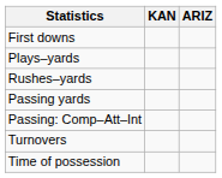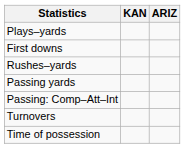 <table class="wikitable" style="float:left">
 <tr>
 <th>Statistics</th>
 <th>KAN</th>
 <th>ARIZ</th>
 </tr>
 <tr>
-<td>First downs</td>
+<td>Plays–yards</td>
 <td></td>
 <td></td>
 </tr>
 <tr>
-<td>Plays–yards</td>
+<td>First downs</td>
 <td></td>
 <td></td>
 </tr>
 <tr>
 <td>Rushes–yards</td>
 <td></td>
 <td></td>
 </tr>
 <tr>
 <td>Passing yards</td>
 <td></td>
 <td></td>
 </tr>
 <tr>
 <td>Passing: Comp–Att–Int</td>
 <td></td>
 <td></td>
 </tr>
 <tr>
 <td>Turnovers</td>
 <td></td>
 <td></td>
 </tr>
 <tr>
 <td>Time of possession</td>
 <td></td>
 <td></td>
 </tr>
 </table>
